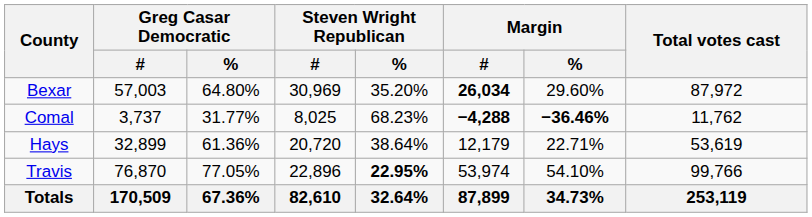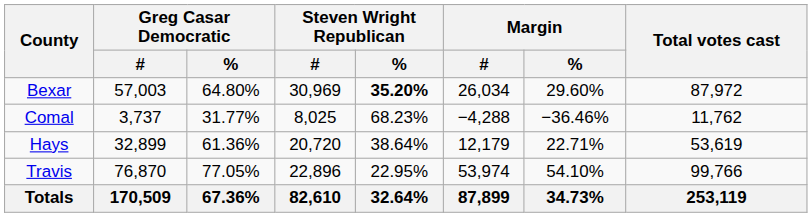 <table width="60%"  class="wikitable sortable" style="text-align:center">
 <tr>
 <th rowspan="2">County</th>
 <th style="text-align:center;" colspan="2">Greg Casar<br>Democratic</th>
 <th style="text-align:center;" colspan="2">Steven Wright<br>Republican</th>
 <th style="text-align:center;" colspan="2">Margin</th>
 <th rowspan="2" style="text-align:center;">Total votes cast</th>
 </tr>
 <tr>
 <th style="text-align:center;" data-sort-type="number">#</th>
 <th style="text-align:center;" data-sort-type="number">%</th>
 <th style="text-align:center;" data-sort-type="number">#</th>
 <th style="text-align:center;" data-sort-type="number">%</th>
 <th style="text-align:center;" data-sort-type="number">#</th>
 <th style="text-align:center;" data-sort-type="number">%</th>
 </tr>
 <tr style="text-align:center;">
 <td style="color:black;background-color:"><a href='#'>Bexar</a></td>
 <td style="color:black;background-color:">57,003</td>
 <td style="color:black;background-color:">64.80%</td>
 <td style="background-color:">30,969</td>
-<td style="background-color:">35.20%</td>
-<td style="color:black;background-color:"><strong>26,034</strong></td>
+<td style="background-color:"><strong>35.20%</strong></td>
+<td style="color:black;background-color:">26,034</td>
 <td style="color:black;background-color:">29.60%</td>
 <td style="color:black;background-color:">87,972</td>
 </tr>
 <tr style="text-align:center;">
 <td style="background-color:"><a href='#'>Comal</a></td>
 <td style="color:black;background-color:">3,737</td>
 <td style="color:black;background-color:">31.77%</td>
 <td style="background-color:">8,025</td>
 <td style="background-color:">68.23%</td>
-<td style="background-color:"><strong>−4,288</strong></td>
-<td style="background-color:"><strong>−36.46%</strong></td>
+<td style="background-color:">−4,288</td>
+<td style="background-color:">−36.46%</td>
 <td style="background-color:">11,762</td>
 </tr>
 <tr style="text-align:center;">
 <td style="color:black;background-color:"><a href='#'>Hays</a></td>
 <td style="color:black;background-color:">32,899</td>
 <td style="color:black;background-color:">61.36%</td>
 <td style="background-color:">20,720</td>
 <td style="background-color:">38.64%</td>
 <td style="color:black;background-color:">12,179</td>
 <td style="color:black;background-color:">22.71%</td>
 <td style="color:black;background-color:">53,619</td>
 </tr>
 <tr style="text-align:center;">
 <td style="color:black;background-color:"><a href='#'>Travis</a></td>
 <td style="color:black;background-color:">76,870</td>
 <td style="color:black;background-color:">77.05%</td>
 <td style="background-color:">22,896</td>
-<td style="background-color:"><strong>22.95%</strong></td>
+<td style="background-color:">22.95%</td>
 <td style="color:black;background-color:">53,974</td>
 <td style="color:black;background-color:">54.10%</td>
 <td style="color:black;background-color:">99,766</td>
 </tr>
 <tr style="text-align:center;">
 <th>Totals</th>
 <th>170,509</th>
 <th>67.36%</th>
 <th>82,610</th>
 <th>32.64%</th>
 <th>87,899</th>
 <th>34.73%</th>
 <th>253,119</th>
 </tr>
 </table>
